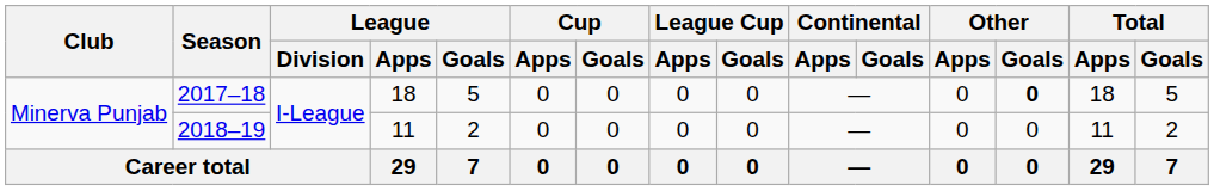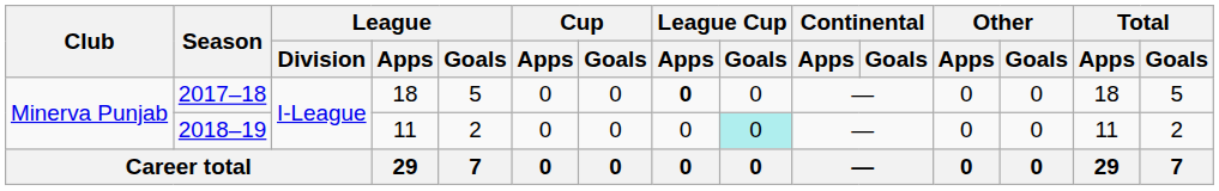 <table class="wikitable" style="text-align:center">
 <tr>
 <th rowspan="2">Club</th>
 <th rowspan="2">Season</th>
 <th colspan="3">League</th>
 <th colspan="2">Cup</th>
 <th colspan="2">League Cup</th>
 <th colspan="2">Continental</th>
 <th colspan="2">Other</th>
 <th colspan="2">Total</th>
 </tr>
 <tr>
 <th>Division</th>
 <th>Apps</th>
 <th>Goals</th>
 <th>Apps</th>
 <th>Goals</th>
 <th>Apps</th>
 <th>Goals</th>
 <th>Apps</th>
 <th>Goals</th>
 <th>Apps</th>
 <th>Goals</th>
 <th>Apps</th>
 <th>Goals</th>
 </tr>
 <tr>
 <td rowspan="2"><a href='#'>Minerva Punjab</a></td>
 <td><a href='#'>2017–18</a></td>
 <td rowspan="2"><a href='#'>I-League</a></td>
 <td>18</td>
 <td>5</td>
 <td>0</td>
 <td>0</td>
-<td>0</td>
+<td><strong>0</strong></td>
 <td>0</td>
 <td colspan="2">—</td>
 <td>0</td>
-<td><strong>0</strong></td>
+<td>0</td>
 <td>18</td>
 <td>5</td>
 </tr>
 <tr>
 <td><a href='#'>2018–19</a></td>
 <td>11</td>
 <td>2</td>
 <td>0</td>
 <td>0</td>
 <td>0</td>
-<td>0</td>
+<td style="background: paleturquoise;">0</td>
 <td colspan="2">—</td>
 <td>0</td>
 <td>0</td>
 <td>11</td>
 <td>2</td>
 </tr>
 <tr>
 <th colspan="3">Career total</th>
 <th>29</th>
 <th>7</th>
 <th>0</th>
 <th>0</th>
 <th>0</th>
 <th>0</th>
 <th colspan="2">—</th>
 <th>0</th>
 <th>0</th>
 <th>29</th>
 <th>7</th>
 </tr>
 </table>
